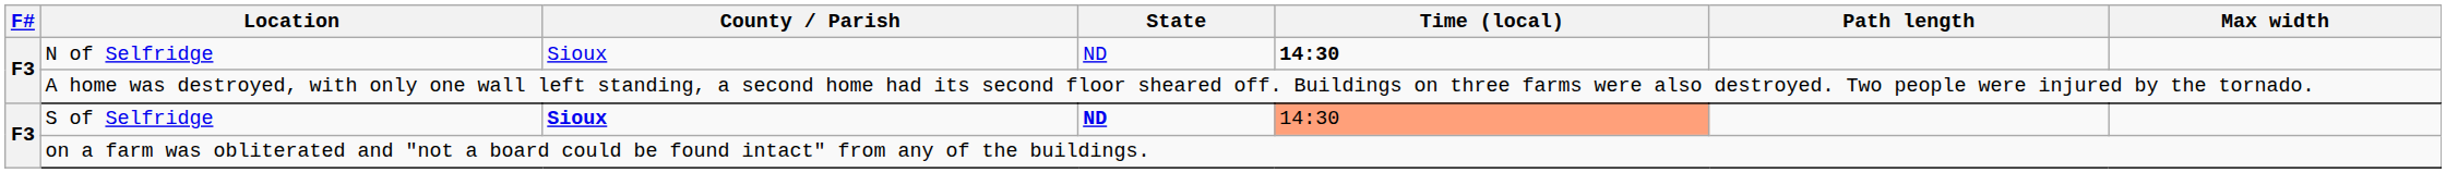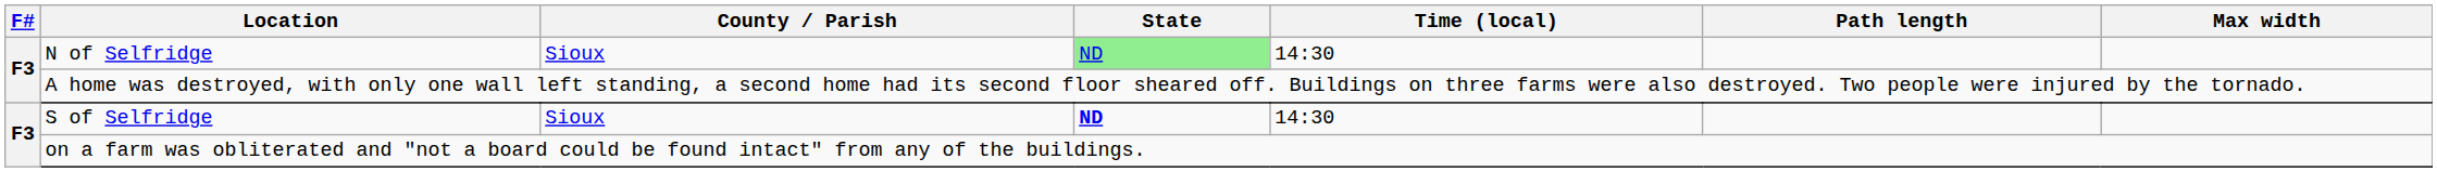 <table class="wikitable sortable" style="width:100%;">
 <tr>
 <th scope="col" align="center"><a href='#'>F#</a><br></th>
 <th scope="col" align="center" class="unsortable">Location</th>
 <th scope="col" align="center" class="unsortable">County / Parish</th>
 <th scope="col" align="center">State</th>
 <th scope="col" align="center">Time (local)</th>
 <th scope="col" align="center">Path length</th>
 <th scope="col" align="center">Max width</th>
 </tr>
 <tr>
 <th scope="row" rowspan="2" style="background-color:#">F3</th>
 <td>N of <a href='#'>Selfridge</a></td>
 <td><a href='#'>Sioux</a></td>
-<td><a href='#'>ND</a></td>
-<td><strong>14:30</strong></td>
+<td style="background: lightgreen;"><a href='#'>ND</a></td>
+<td>14:30</td>
 <td></td>
 <td></td>
 </tr>
 <tr class="expand-child">
 <td colspan="6" style="border-bottom: 1px solid black;">A home was destroyed, with only one wall left standing, a second home had its second floor sheared off. Buildings on three farms were also destroyed. Two people were injured by the tornado.</td>
 </tr>
 <tr>
 <th scope="row" rowspan="2" style="background-color:#">F3</th>
 <td>S of <a href='#'>Selfridge</a></td>
-<td><strong><a href='#'>Sioux</a></strong></td>
+<td><a href='#'>Sioux</a></td>
 <td><strong><a href='#'>ND</a></strong></td>
-<td style="background: lightsalmon;">14:30</td>
+<td>14:30</td>
 <td></td>
 <td></td>
 </tr>
 <tr class="expand-child">
 <td colspan="6" style="border-bottom: 1px solid black;"> on a farm was obliterated and "not a board could be found intact" from any of the buildings.</td>
 </tr>
 </table>
